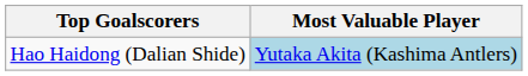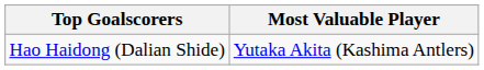 <table class="wikitable" style="text-align: center; margin: 0 auto;">
 <tr>
 <th>Top Goalscorers</th>
 <th>Most Valuable Player</th>
 </tr>
 <tr>
 <td> <a href='#'>Hao Haidong</a> (Dalian Shide)</td>
-<td style="background: lightblue;"> <a href='#'>Yutaka Akita</a> (Kashima Antlers)</td>
+<td> <a href='#'>Yutaka Akita</a> (Kashima Antlers)</td>
 </tr>
 </table>
